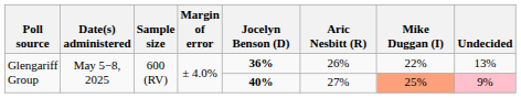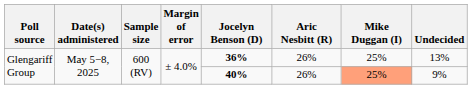 <table class="wikitable" style="font-size:90%;text-align:center;">
 <tr valign=bottom>
 <th>Poll source</th>
 <th>Date(s)<br>administered</th>
 <th>Sample<br>size</th>
 <th>Margin<br>of error</th>
 <th style="width:100px;">Jocelyn<br>Benson (D)</th>
 <th style="width:100px;">Aric<br>Nesbitt (R)</th>
 <th style="width:100px;">Mike<br>Duggan (I)</th>
 <th>Undecided</th>
 </tr>
 <tr>
 <td style="text-align:left;" rowspan="2">Glengariff Group</td>
 <td rowspan="2">May 5−8, 2025</td>
 <td rowspan="2">600 (RV)</td>
 <td rowspan="2">± 4.0%</td>
 <td><strong>36%</strong></td>
 <td>26%</td>
-<td>22%</td>
+<td>25%</td>
 <td>13%</td>
 </tr>
 <tr>
 <td><strong>40%</strong></td>
-<td>27%</td>
+<td>26%</td>
 <td style="background: lightsalmon;">25%</td>
-<td style="background: pink;">9%</td>
+<td>9%</td>
 </tr>
 </table>
